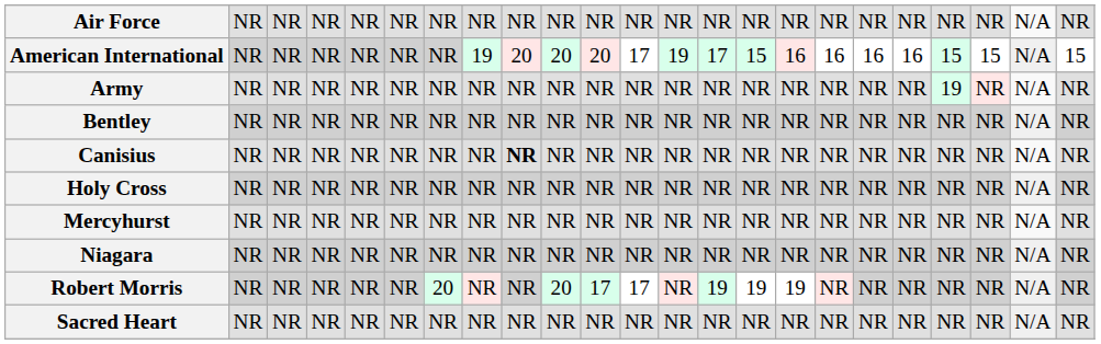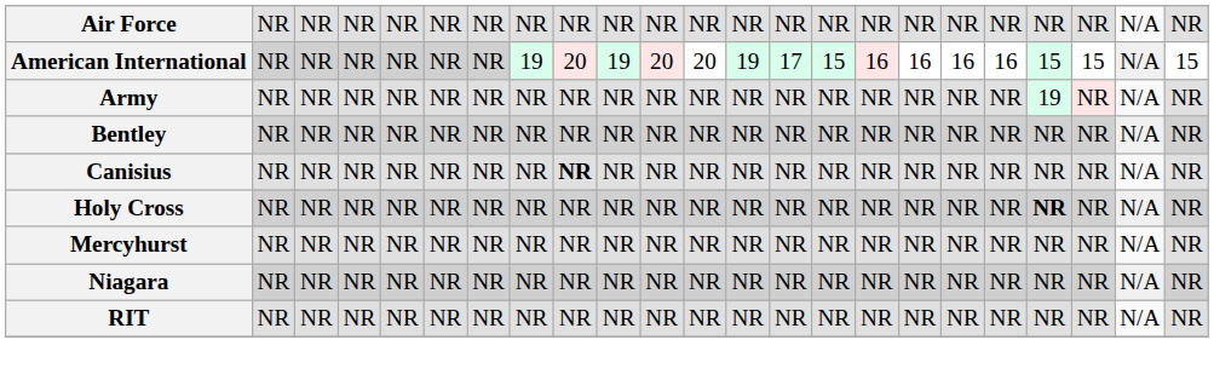 <table class="wikitable sortable" style="text-align: center;">
 <tr>
 </tr>
 <tr>
 <th>Air Force</th>
 <td bgcolor=e0e0e0>NR</td>
 <td bgcolor=e0e0e0>NR</td>
 <td bgcolor=e0e0e0>NR</td>
 <td bgcolor=e0e0e0>NR</td>
 <td bgcolor=e0e0e0>NR</td>
 <td bgcolor=e0e0e0>NR</td>
 <td bgcolor=e0e0e0>NR</td>
 <td bgcolor=e0e0e0>NR</td>
 <td bgcolor=e0e0e0>NR</td>
 <td bgcolor=e0e0e0>NR</td>
 <td bgcolor=e0e0e0>NR</td>
 <td bgcolor=e0e0e0>NR</td>
 <td bgcolor=e0e0e0>NR</td>
 <td bgcolor=e0e0e0>NR</td>
 <td bgcolor=e0e0e0>NR</td>
 <td bgcolor=e0e0e0>NR</td>
 <td bgcolor=e0e0e0>NR</td>
 <td bgcolor=e0e0e0>NR</td>
 <td bgcolor=e0e0e0>NR</td>
 <td bgcolor=e0e0e0>NR</td>
 <td>N/A</td>
 <td bgcolor=e0e0e0>NR</td>
 </tr>
 <tr bgcolor=f0f0f0>
 <th>American International</th>
 <td bgcolor=d0d0d0>NR</td>
 <td bgcolor=d0d0d0>NR</td>
 <td bgcolor=d0d0d0>NR</td>
 <td bgcolor=d0d0d0>NR</td>
 <td bgcolor=d0d0d0>NR</td>
 <td bgcolor=d0d0d0>NR</td>
 <td bgcolor=D8FFEB>19</td>
 <td bgcolor=FFE6E6>20</td>
-<td bgcolor=D8FFEB>20</td>
+<td bgcolor=D8FFEB>19</td>
 <td bgcolor=FFE6E6>20</td>
-<td bgcolor=FFFFFF>17</td>
+<td bgcolor=FFFFFF>20</td>
 <td bgcolor=D8FFEB>19</td>
 <td bgcolor=D8FFEB>17</td>
 <td bgcolor=D8FFEB>15</td>
 <td bgcolor=FFE6E6>16</td>
 <td bgcolor=FFFFFF>16</td>
 <td bgcolor=FFFFFF>16</td>
 <td bgcolor=FFFFFF>16</td>
 <td bgcolor=D8FFEB>15</td>
 <td bgcolor=FFFFFF>15</td>
 <td>N/A</td>
 <td bgcolor=FFFFFF>15</td>
 </tr>
 <tr>
 <th>Army</th>
 <td bgcolor=e0e0e0>NR</td>
 <td bgcolor=e0e0e0>NR</td>
 <td bgcolor=e0e0e0>NR</td>
 <td bgcolor=e0e0e0>NR</td>
 <td bgcolor=e0e0e0>NR</td>
 <td bgcolor=e0e0e0>NR</td>
 <td bgcolor=e0e0e0>NR</td>
 <td bgcolor=e0e0e0>NR</td>
 <td bgcolor=e0e0e0>NR</td>
 <td bgcolor=e0e0e0>NR</td>
 <td bgcolor=e0e0e0>NR</td>
 <td bgcolor=e0e0e0>NR</td>
 <td bgcolor=e0e0e0>NR</td>
 <td bgcolor=e0e0e0>NR</td>
 <td bgcolor=e0e0e0>NR</td>
 <td bgcolor=e0e0e0>NR</td>
 <td bgcolor=e0e0e0>NR</td>
 <td bgcolor=e0e0e0>NR</td>
 <td bgcolor=D8FFEB>19</td>
 <td bgcolor=FFE6E6>NR</td>
 <td>N/A</td>
 <td bgcolor=e0e0e0>NR</td>
 </tr>
 <tr bgcolor=f0f0f0>
 <th>Bentley</th>
 <td bgcolor=d0d0d0>NR</td>
 <td bgcolor=d0d0d0>NR</td>
 <td bgcolor=d0d0d0>NR</td>
 <td bgcolor=d0d0d0>NR</td>
 <td bgcolor=d0d0d0>NR</td>
 <td bgcolor=d0d0d0>NR</td>
 <td bgcolor=d0d0d0>NR</td>
 <td bgcolor=d0d0d0>NR</td>
 <td bgcolor=d0d0d0>NR</td>
 <td bgcolor=d0d0d0>NR</td>
 <td bgcolor=d0d0d0>NR</td>
 <td bgcolor=d0d0d0>NR</td>
 <td bgcolor=d0d0d0>NR</td>
 <td bgcolor=d0d0d0>NR</td>
 <td bgcolor=d0d0d0>NR</td>
 <td bgcolor=d0d0d0>NR</td>
 <td bgcolor=d0d0d0>NR</td>
 <td bgcolor=d0d0d0>NR</td>
 <td bgcolor=d0d0d0>NR</td>
 <td bgcolor=d0d0d0>NR</td>
 <td>N/A</td>
 <td bgcolor=d0d0d0>NR</td>
 </tr>
 <tr>
 <th>Canisius</th>
 <td bgcolor=e0e0e0>NR</td>
 <td bgcolor=e0e0e0>NR</td>
 <td bgcolor=e0e0e0>NR</td>
 <td bgcolor=e0e0e0>NR</td>
 <td bgcolor=e0e0e0>NR</td>
 <td bgcolor=e0e0e0>NR</td>
 <td bgcolor=e0e0e0>NR</td>
 <td bgcolor=e0e0e0><strong>NR</strong></td>
 <td bgcolor=e0e0e0>NR</td>
 <td bgcolor=e0e0e0>NR</td>
 <td bgcolor=e0e0e0>NR</td>
 <td bgcolor=e0e0e0>NR</td>
 <td bgcolor=e0e0e0>NR</td>
 <td bgcolor=e0e0e0>NR</td>
 <td bgcolor=e0e0e0>NR</td>
 <td bgcolor=e0e0e0>NR</td>
 <td bgcolor=e0e0e0>NR</td>
 <td bgcolor=e0e0e0>NR</td>
 <td bgcolor=e0e0e0>NR</td>
 <td bgcolor=e0e0e0>NR</td>
 <td>N/A</td>
 <td bgcolor=e0e0e0>NR</td>
 </tr>
 <tr bgcolor=f0f0f0>
 <th>Holy Cross</th>
 <td bgcolor=d0d0d0>NR</td>
 <td bgcolor=d0d0d0>NR</td>
 <td bgcolor=d0d0d0>NR</td>
 <td bgcolor=d0d0d0>NR</td>
 <td bgcolor=d0d0d0>NR</td>
 <td bgcolor=d0d0d0>NR</td>
 <td bgcolor=d0d0d0>NR</td>
 <td bgcolor=d0d0d0>NR</td>
 <td bgcolor=d0d0d0>NR</td>
 <td bgcolor=d0d0d0>NR</td>
 <td bgcolor=d0d0d0>NR</td>
 <td bgcolor=d0d0d0>NR</td>
 <td bgcolor=d0d0d0>NR</td>
 <td bgcolor=d0d0d0>NR</td>
 <td bgcolor=d0d0d0>NR</td>
 <td bgcolor=d0d0d0>NR</td>
 <td bgcolor=d0d0d0>NR</td>
 <td bgcolor=d0d0d0>NR</td>
-<td bgcolor=d0d0d0>NR</td>
+<td bgcolor=d0d0d0><strong>NR</strong></td>
 <td bgcolor=d0d0d0>NR</td>
 <td>N/A</td>
 <td bgcolor=d0d0d0>NR</td>
 </tr>
 <tr>
 <th>Mercyhurst</th>
 <td bgcolor=e0e0e0>NR</td>
 <td bgcolor=e0e0e0>NR</td>
 <td bgcolor=e0e0e0>NR</td>
 <td bgcolor=e0e0e0>NR</td>
 <td bgcolor=e0e0e0>NR</td>
 <td bgcolor=e0e0e0>NR</td>
 <td bgcolor=e0e0e0>NR</td>
 <td bgcolor=e0e0e0>NR</td>
 <td bgcolor=e0e0e0>NR</td>
 <td bgcolor=e0e0e0>NR</td>
 <td bgcolor=e0e0e0>NR</td>
 <td bgcolor=e0e0e0>NR</td>
 <td bgcolor=e0e0e0>NR</td>
 <td bgcolor=e0e0e0>NR</td>
 <td bgcolor=e0e0e0>NR</td>
 <td bgcolor=e0e0e0>NR</td>
 <td bgcolor=e0e0e0>NR</td>
 <td bgcolor=e0e0e0>NR</td>
 <td bgcolor=e0e0e0>NR</td>
 <td bgcolor=e0e0e0>NR</td>
 <td>N/A</td>
 <td bgcolor=e0e0e0>NR</td>
 </tr>
 <tr bgcolor=f0f0f0>
 <th>Niagara</th>
 <td bgcolor=d0d0d0>NR</td>
 <td bgcolor=d0d0d0>NR</td>
 <td bgcolor=d0d0d0>NR</td>
 <td bgcolor=d0d0d0>NR</td>
 <td bgcolor=d0d0d0>NR</td>
 <td bgcolor=d0d0d0>NR</td>
 <td bgcolor=d0d0d0>NR</td>
 <td bgcolor=d0d0d0>NR</td>
 <td bgcolor=d0d0d0>NR</td>
 <td bgcolor=d0d0d0>NR</td>
 <td bgcolor=d0d0d0>NR</td>
 <td bgcolor=d0d0d0>NR</td>
 <td bgcolor=d0d0d0>NR</td>
 <td bgcolor=d0d0d0>NR</td>
 <td bgcolor=d0d0d0>NR</td>
 <td bgcolor=d0d0d0>NR</td>
 <td bgcolor=d0d0d0>NR</td>
 <td bgcolor=d0d0d0>NR</td>
 <td bgcolor=d0d0d0>NR</td>
 <td bgcolor=d0d0d0>NR</td>
 <td>N/A</td>
 <td bgcolor=d0d0d0>NR</td>
 </tr>
-<tr bgcolor=f0f0f0>
-<th>Robert Morris</th>
-<td bgcolor=d0d0d0>NR</td>
-<td bgcolor=d0d0d0>NR</td>
-<td bgcolor=d0d0d0>NR</td>
-<td bgcolor=d0d0d0>NR</td>
-<td bgcolor=d0d0d0>NR</td>
-<td bgcolor=D8FFEB>20</td>
-<td bgcolor=FFE6E6>NR</td>
-<td bgcolor=d0d0d0>NR</td>
-<td bgcolor=D8FFEB>20</td>
-<td bgcolor=D8FFEB>17</td>
-<td bgcolor=FFFFFF>17</td>
-<td bgcolor=FFE6E6>NR</td>
-<td bgcolor=D8FFEB>19</td>
-<td bgcolor=FFFFFF>19</td>
-<td bgcolor=FFFFFF>19</td>
-<td bgcolor=FFE6E6>NR</td>
-<td bgcolor=d0d0d0>NR</td>
-<td bgcolor=d0d0d0>NR</td>
-<td bgcolor=d0d0d0>NR</td>
-<td bgcolor=d0d0d0>NR</td>
-<td>N/A</td>
-<td bgcolor=d0d0d0>NR</td>
-</tr>
-<tr bgcolor=f0f0f0>
-<th>Sacred Heart</th>
+<tr>
+<th>RIT</th>
 <td bgcolor=e0e0e0>NR</td>
 <td bgcolor=e0e0e0>NR</td>
 <td bgcolor=e0e0e0>NR</td>
 <td bgcolor=e0e0e0>NR</td>
 <td bgcolor=e0e0e0>NR</td>
 <td bgcolor=e0e0e0>NR</td>
 <td bgcolor=e0e0e0>NR</td>
 <td bgcolor=e0e0e0>NR</td>
 <td bgcolor=e0e0e0>NR</td>
 <td bgcolor=e0e0e0>NR</td>
 <td bgcolor=e0e0e0>NR</td>
 <td bgcolor=e0e0e0>NR</td>
 <td bgcolor=e0e0e0>NR</td>
 <td bgcolor=e0e0e0>NR</td>
 <td bgcolor=e0e0e0>NR</td>
 <td bgcolor=e0e0e0>NR</td>
 <td bgcolor=e0e0e0>NR</td>
 <td bgcolor=e0e0e0>NR</td>
 <td bgcolor=e0e0e0>NR</td>
 <td bgcolor=e0e0e0>NR</td>
 <td>N/A</td>
 <td bgcolor=e0e0e0>NR</td>
 </tr>
 <tr>
 </tr>
 </table>
